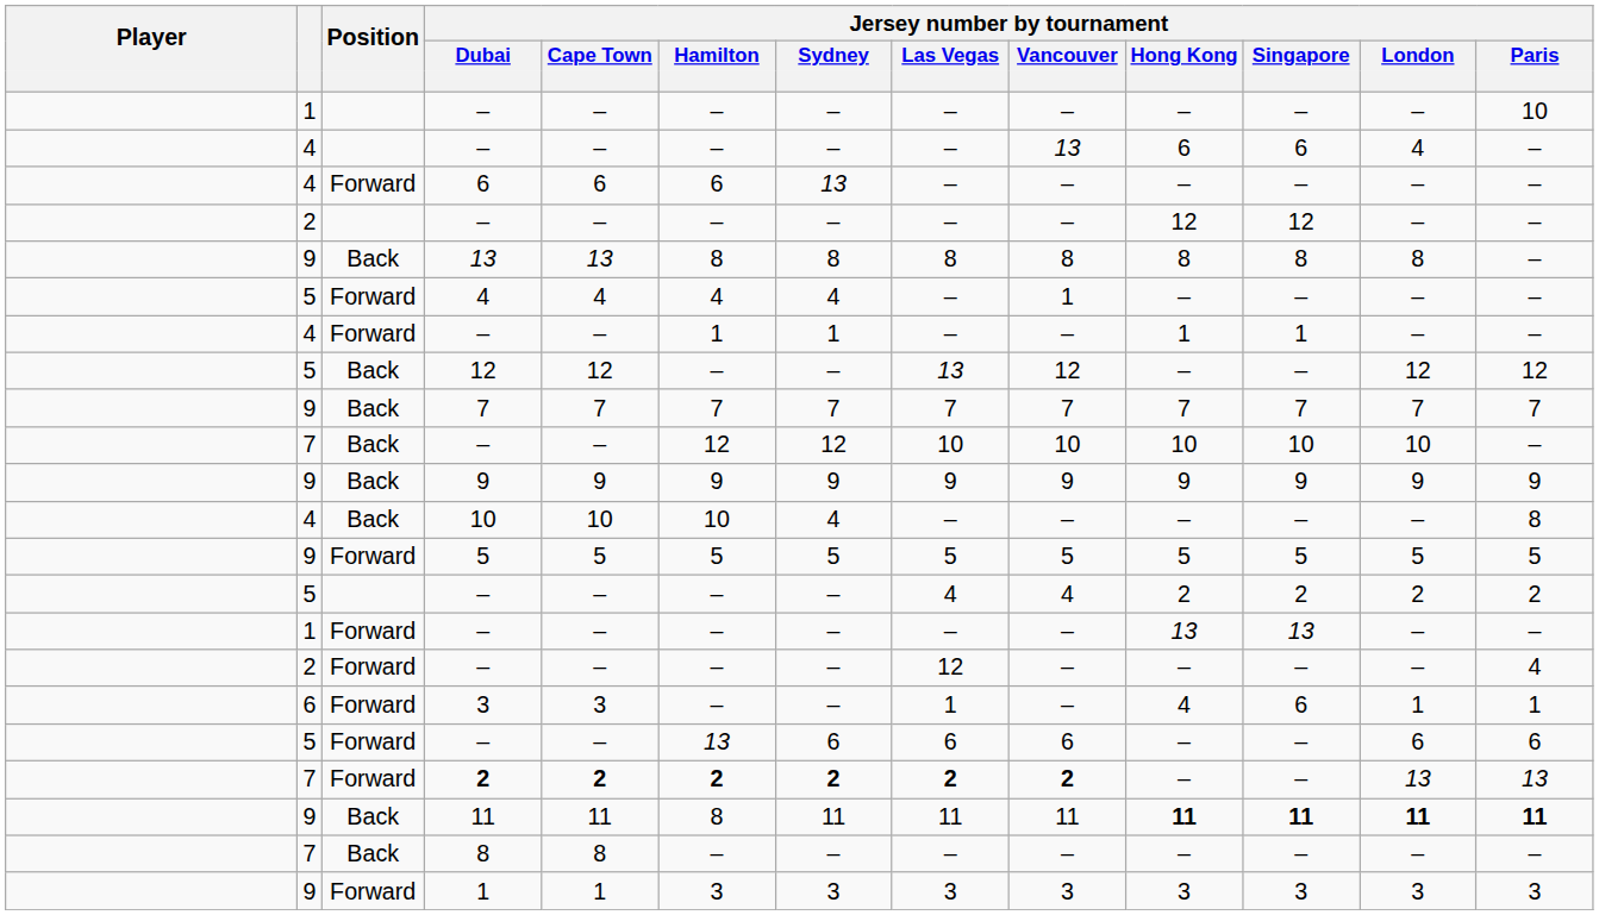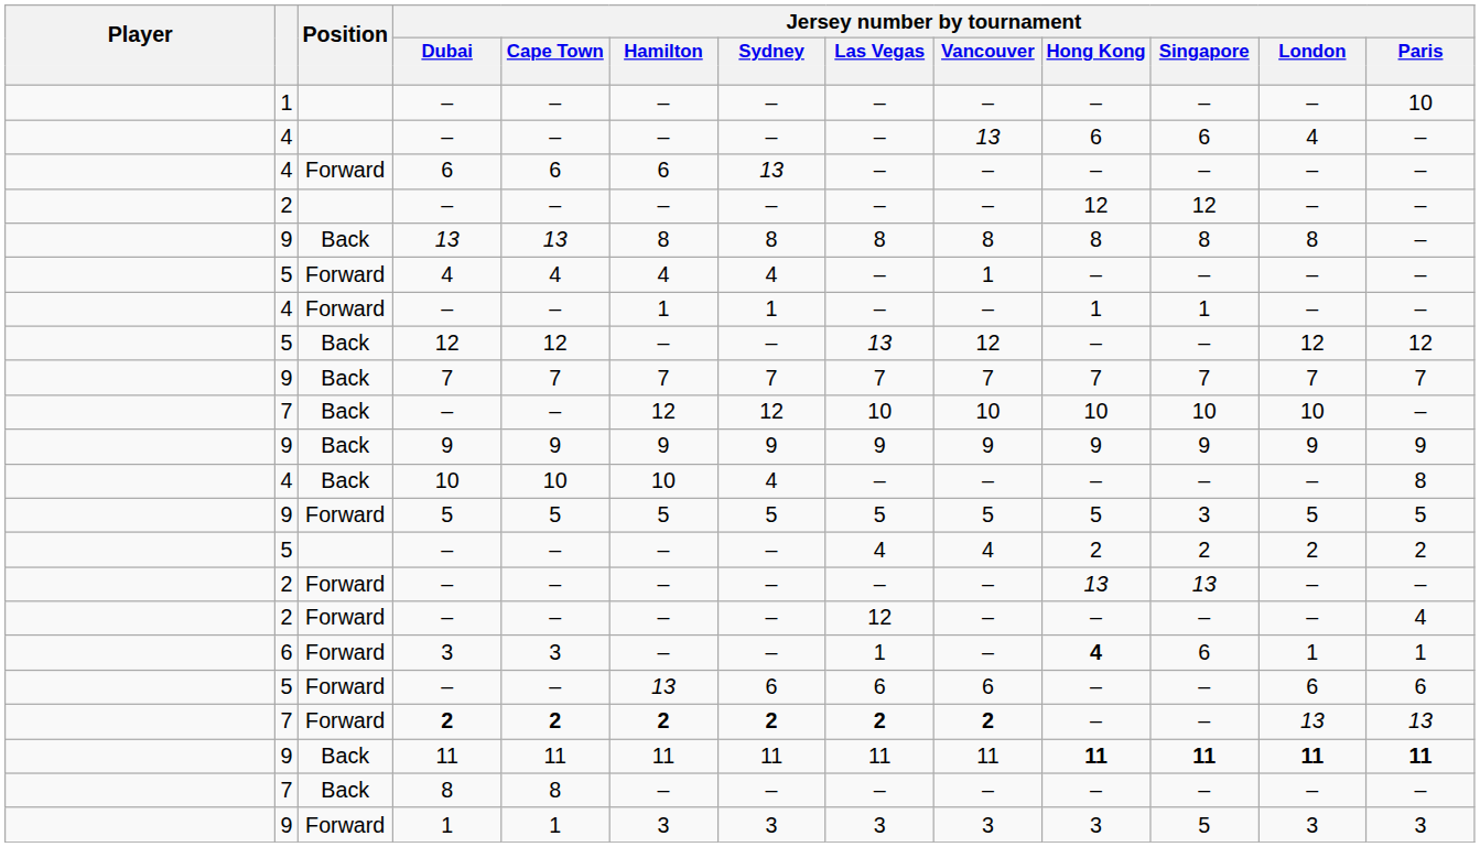 <table class="wikitable sortable" style="text-align:center;">
 <tr>
 <th rowspan=2 style="border-bottom:0px; width:12em;">Player</th>
 <th rowspan=2 style="border-bottom:0px;"></th>
 <th rowspan=2 style="border-bottom:0px;">Position</th>
 <th colspan=10 style="font-size:95%;">Jersey number by tournament</th>
 </tr>
 <tr>
 <th style="vertical-align:top;width:5.5em;border-bottom:1px solid transparent;padding:2px;font-size:85%;"><a href='#'>Dubai</a></th>
 <th style="vertical-align:top;width:5.5em;border-bottom:1px solid transparent;padding:2px;font-size:85%;"><a href='#'>Cape Town</a></th>
 <th style="vertical-align:top;width:5.5em;border-bottom:1px solid transparent;padding:2px;font-size:85%;"><a href='#'>Hamilton</a></th>
 <th style="vertical-align:top;width:5.5em;border-bottom:1px solid transparent;padding:2px;font-size:85%;"><a href='#'>Sydney</a></th>
 <th style="vertical-align:top;width:5.5em;border-bottom:1px solid transparent;padding:2px;font-size:85%;"><a href='#'>Las Vegas</a></th>
 <th style="vertical-align:top;width:5.5em;border-bottom:1px solid transparent;padding:2px;font-size:85%;"><a href='#'>Vancouver</a></th>
 <th style="vertical-align:top;width:5.5em;border-bottom:1px solid transparent;padding:2px;font-size:85%;"><a href='#'>Hong Kong</a></th>
 <th style="vertical-align:top;width:5.5em;border-bottom:1px solid transparent;padding:2px;font-size:85%;"><a href='#'>Singapore</a></th>
 <th style="vertical-align:top;width:5.5em;border-bottom:1px solid transparent;padding:2px;font-size:85%;"><a href='#'>London</a></th>
 <th style="vertical-align:top;width:5.5em;border-bottom:1px solid transparent;padding:2px;font-size:85%;"><a href='#'>Paris</a></th>
 </tr>
 <tr style="line-height:8px;">
 <th style="border-top:1px solid transparent;"></th>
 <th style="border-top:1px solid transparent;"> </th>
 <th style="border-top:1px solid transparent;"> </th>
 <th data-sort-type="number" style="border-top:1px solid transparent;"></th>
 <th data-sort-type="number" style="border-top:1px solid transparent;"></th>
 <th data-sort-type="number" style="border-top:1px solid transparent;"></th>
 <th data-sort-type="number" style="border-top:1px solid transparent;"></th>
 <th data-sort-type="number" style="border-top:1px solid transparent;"></th>
 <th data-sort-type="number" style="border-top:1px solid transparent;"></th>
 <th data-sort-type="number" style="border-top:1px solid transparent;"></th>
 <th data-sort-type="number" style="border-top:1px solid transparent;"></th>
 <th data-sort-type="number" style="border-top:1px solid transparent;"></th>
 <th data-sort-type="number" style="border-top:1px solid transparent;"></th>
 </tr>
 <tr>
 <td align=left></td>
 <td>1</td>
 <td></td>
 <td>–</td>
 <td>–</td>
 <td>–</td>
 <td>–</td>
 <td>–</td>
 <td>–</td>
 <td>–</td>
 <td>–</td>
 <td>–</td>
 <td>10</td>
 </tr>
 <tr>
 <td align=left></td>
 <td>4</td>
 <td></td>
 <td>–</td>
 <td>–</td>
 <td>–</td>
 <td>–</td>
 <td>–</td>
 <td><em>13</em></td>
 <td>6</td>
 <td>6</td>
 <td>4</td>
 <td>–</td>
 </tr>
 <tr>
 <td align=left></td>
 <td>4</td>
 <td>Forward</td>
 <td>6</td>
 <td>6</td>
 <td>6</td>
 <td><em>13</em></td>
 <td>–</td>
 <td>–</td>
 <td>–</td>
 <td>–</td>
 <td>–</td>
 <td>–</td>
 </tr>
 <tr>
 <td align=left></td>
 <td>2</td>
 <td></td>
 <td>–</td>
 <td>–</td>
 <td>–</td>
 <td>–</td>
 <td>–</td>
 <td>–</td>
 <td>12</td>
 <td>12</td>
 <td>–</td>
 <td>–</td>
 </tr>
 <tr>
 <td align=left></td>
 <td>9</td>
 <td>Back</td>
 <td><em>13</em></td>
 <td><em>13</em></td>
 <td>8</td>
 <td>8</td>
 <td>8</td>
 <td>8</td>
 <td>8</td>
 <td>8</td>
 <td>8</td>
 <td>–</td>
 </tr>
 <tr>
 <td align=left></td>
 <td>5</td>
 <td>Forward</td>
 <td>4</td>
 <td>4</td>
 <td>4</td>
 <td>4</td>
 <td>–</td>
 <td>1</td>
 <td>–</td>
 <td>–</td>
 <td>–</td>
 <td>–</td>
 </tr>
 <tr>
 <td align=left></td>
 <td>4</td>
 <td>Forward</td>
 <td>–</td>
 <td>–</td>
 <td>1</td>
 <td>1</td>
 <td>–</td>
 <td>–</td>
 <td>1</td>
 <td>1</td>
 <td>–</td>
 <td>–</td>
 </tr>
 <tr>
 <td align=left></td>
 <td>5</td>
 <td>Back</td>
 <td>12</td>
 <td>12</td>
 <td>–</td>
 <td>–</td>
 <td><em>13</em></td>
 <td>12</td>
 <td>–</td>
 <td>–</td>
 <td>12</td>
 <td>12</td>
 </tr>
 <tr>
 <td align=left></td>
 <td>9</td>
 <td>Back</td>
 <td>7</td>
 <td>7</td>
 <td>7</td>
 <td>7</td>
 <td>7</td>
 <td>7</td>
 <td>7</td>
 <td>7</td>
 <td>7</td>
 <td>7</td>
 </tr>
 <tr>
 <td align=left></td>
 <td>7</td>
 <td>Back</td>
 <td>–</td>
 <td>–</td>
 <td>12</td>
 <td>12</td>
 <td>10</td>
 <td>10</td>
 <td>10</td>
 <td>10</td>
 <td>10</td>
 <td>–</td>
 </tr>
 <tr>
 <td align=left></td>
 <td>9</td>
 <td>Back</td>
 <td>9</td>
 <td>9</td>
 <td>9</td>
 <td>9</td>
 <td>9</td>
 <td>9</td>
 <td>9</td>
 <td>9</td>
 <td>9</td>
 <td>9</td>
 </tr>
 <tr>
 <td align=left></td>
 <td>4</td>
 <td>Back</td>
 <td>10</td>
 <td>10</td>
 <td>10</td>
 <td>4</td>
 <td>–</td>
 <td>–</td>
 <td>–</td>
 <td>–</td>
 <td>–</td>
 <td>8</td>
 </tr>
 <tr>
 <td align=left></td>
 <td>9</td>
 <td>Forward</td>
 <td>5</td>
 <td>5</td>
 <td>5</td>
 <td>5</td>
 <td>5</td>
 <td>5</td>
 <td>5</td>
-<td>5</td>
+<td>3</td>
 <td>5</td>
 <td>5</td>
 </tr>
 <tr>
 <td align=left></td>
 <td>5</td>
 <td></td>
 <td>–</td>
 <td>–</td>
 <td>–</td>
 <td>–</td>
 <td>4</td>
 <td>4</td>
 <td>2</td>
 <td>2</td>
 <td>2</td>
 <td>2</td>
 </tr>
 <tr>
 <td align=left></td>
-<td>1</td>
+<td>2</td>
 <td>Forward</td>
 <td>–</td>
 <td>–</td>
 <td>–</td>
 <td>–</td>
 <td>–</td>
 <td>–</td>
 <td><em>13</em></td>
 <td><em>13</em></td>
 <td>–</td>
 <td>–</td>
 </tr>
 <tr>
 <td align=left></td>
 <td>2</td>
 <td>Forward</td>
 <td>–</td>
 <td>–</td>
 <td>–</td>
 <td>–</td>
 <td>12</td>
 <td>–</td>
 <td>–</td>
 <td>–</td>
 <td>–</td>
 <td>4</td>
 </tr>
 <tr>
 <td align=left></td>
 <td>6</td>
 <td>Forward</td>
 <td>3</td>
 <td>3</td>
 <td>–</td>
 <td>–</td>
 <td>1</td>
 <td>–</td>
-<td>4</td>
+<td><strong>4</strong></td>
 <td>6</td>
 <td>1</td>
 <td>1</td>
 </tr>
 <tr>
 <td align=left></td>
 <td>5</td>
 <td>Forward</td>
 <td>–</td>
 <td>–</td>
 <td><em>13</em></td>
 <td>6</td>
 <td>6</td>
 <td>6</td>
 <td>–</td>
 <td>–</td>
 <td>6</td>
 <td>6</td>
 </tr>
 <tr>
 <td align=left></td>
 <td>7</td>
 <td>Forward</td>
 <td><strong>2</strong></td>
 <td><strong>2</strong></td>
 <td><strong>2</strong></td>
 <td><strong>2</strong></td>
 <td><strong>2</strong></td>
 <td><strong>2</strong></td>
 <td>–</td>
 <td>–</td>
 <td><em>13</em></td>
 <td><em>13</em></td>
 </tr>
 <tr>
 <td align=left></td>
 <td>9</td>
 <td>Back</td>
 <td>11</td>
 <td>11</td>
-<td>8</td>
+<td>11</td>
 <td>11</td>
 <td>11</td>
 <td>11</td>
 <td><strong>11</strong></td>
 <td><strong>11</strong></td>
 <td><strong>11</strong></td>
 <td><strong>11</strong></td>
 </tr>
 <tr>
 <td align=left></td>
 <td>7</td>
 <td>Back</td>
 <td>8</td>
 <td>8</td>
 <td>–</td>
 <td>–</td>
 <td>–</td>
 <td>–</td>
 <td>–</td>
 <td>–</td>
 <td>–</td>
 <td>–</td>
 </tr>
 <tr>
 <td align=left></td>
 <td>9</td>
 <td>Forward</td>
 <td>1</td>
 <td>1</td>
 <td>3</td>
 <td>3</td>
 <td>3</td>
 <td>3</td>
 <td>3</td>
-<td>3</td>
+<td>5</td>
 <td>3</td>
 <td>3</td>
 </tr>
 </table>
